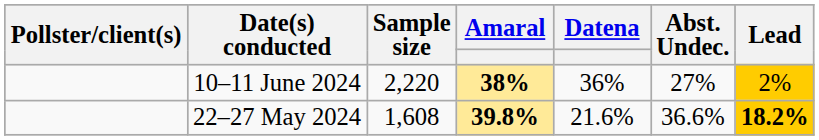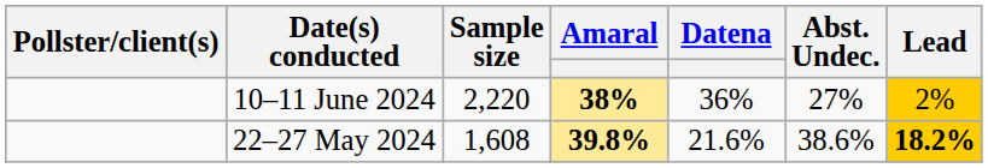 <table class="wikitable" style="text-align:center;font-size:90%;line-height:14px;">
 <tr>
 <th rowspan="2">Pollster/client(s)</th>
 <th rowspan="2">Date(s)<br>conducted</th>
 <th rowspan="2" data-sort-type="number">Sample<br>size</th>
 <th class="unsortable" style="width:50px;"><a href='#'>Amaral</a><br></th>
 <th class="unsortable" style="width:50px;"><a href='#'>Datena</a><br></th>
 <th rowspan="2" class="unsortable">Abst.<br>Undec.</th>
 <th rowspan="2" data-sort-type="number">Lead</th>
 </tr>
 <tr>
 <th data-sort-type="number" class="sortable" style="background:"></th>
 <th data-sort-type="number" class="sortable" style="background:"></th>
 </tr>
 <tr>
 <td></td>
 <td>10–11 June 2024</td>
 <td>2,220</td>
 <td style="background:#ffea98;"><strong>38%</strong></td>
 <td>36%</td>
 <td>27%</td>
 <td style="background:#FFCC00;">2%</td>
 </tr>
 <tr>
 <td></td>
 <td>22–27 May 2024</td>
 <td>1,608</td>
 <td style="background:#ffea98;"><strong>39.8%</strong></td>
 <td>21.6%</td>
-<td>36.6%</td>
+<td>38.6%</td>
 <td style="background:#FFCC00;"><strong>18.2%</strong></td>
 </tr>
 </table>
